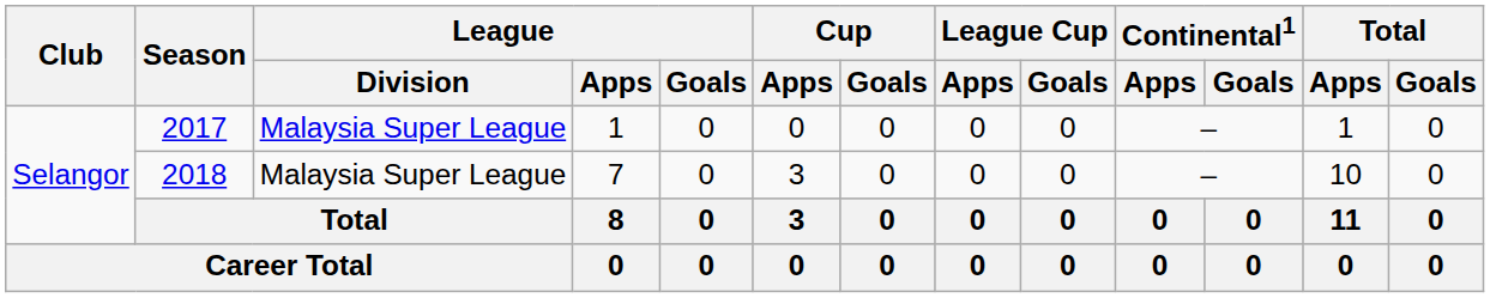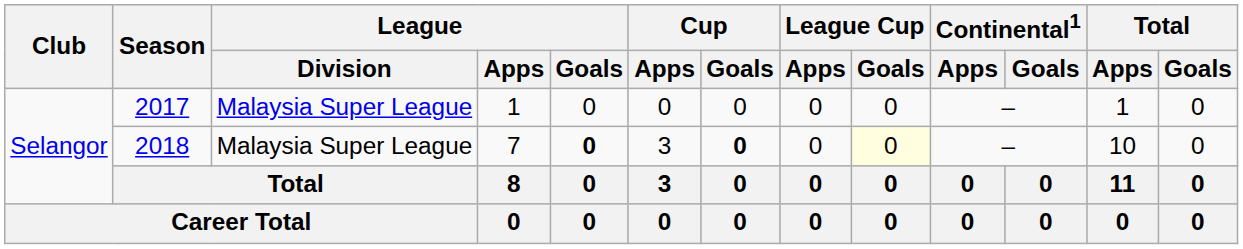 <table class=wikitable style="text-align:center">
 <tr>
 <th rowspan=2>Club</th>
 <th rowspan=2>Season</th>
 <th colspan=3>League</th>
 <th colspan=2>Cup</th>
 <th colspan=2>League Cup</th>
 <th colspan=2>Continental<sup>1</sup></th>
 <th colspan=2>Total</th>
 </tr>
 <tr>
 <th>Division</th>
 <th>Apps</th>
 <th>Goals</th>
 <th>Apps</th>
 <th>Goals</th>
 <th>Apps</th>
 <th>Goals</th>
 <th>Apps</th>
 <th>Goals</th>
 <th>Apps</th>
 <th>Goals</th>
 </tr>
 <tr>
 <td rowspan=3><a href='#'>Selangor</a></td>
 <td><a href='#'>2017</a></td>
 <td><a href='#'>Malaysia Super League</a></td>
 <td>1</td>
 <td>0</td>
 <td>0</td>
 <td>0</td>
 <td>0</td>
 <td>0</td>
 <td colspan=2>–</td>
 <td>1</td>
 <td>0</td>
 </tr>
 <tr>
 <td><a href='#'>2018</a></td>
 <td>Malaysia Super League</td>
 <td>7</td>
+<td><strong>0</strong></td>
+<td>3</td>
+<td><strong>0</strong></td>
 <td>0</td>
-<td>3</td>
-<td>0</td>
-<td>0</td>
-<td>0</td>
+<td style="background: lightyellow;">0</td>
 <td colspan=2>–</td>
 <td>10</td>
 <td>0</td>
 </tr>
 <tr>
 <th colspan="2">Total</th>
 <th>8</th>
 <th>0</th>
 <th>3</th>
 <th>0</th>
 <th>0</th>
 <th>0</th>
 <th>0</th>
 <th>0</th>
 <th>11</th>
 <th>0</th>
 </tr>
 <tr>
 <th colspan="3">Career Total</th>
 <th>0</th>
 <th>0</th>
 <th>0</th>
 <th>0</th>
 <th>0</th>
 <th>0</th>
 <th>0</th>
 <th>0</th>
 <th>0</th>
 <th>0</th>
 </tr>
 </table>
